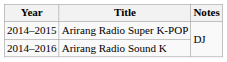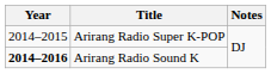 <table class="wikitable">
 <tr>
 <th>Year</th>
 <th>Title</th>
 <th>Notes</th>
 </tr>
 <tr>
 <td>2014–2015</td>
 <td>Arirang Radio Super K-POP</td>
 <td rowspan="2">DJ</td>
 </tr>
 <tr>
-<td>2014–2016</td>
+<td><strong>2014–2016</strong></td>
 <td>Arirang Radio Sound K</td>
 </tr>
 </table>
